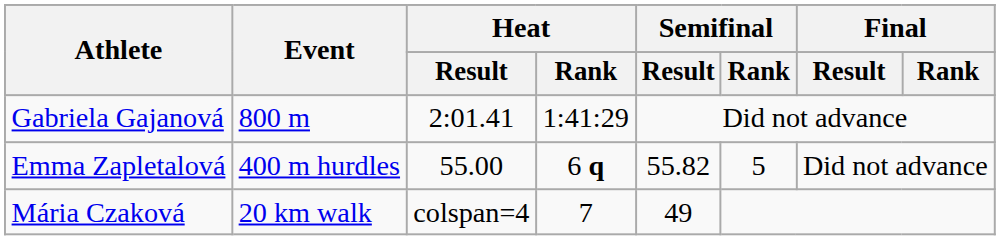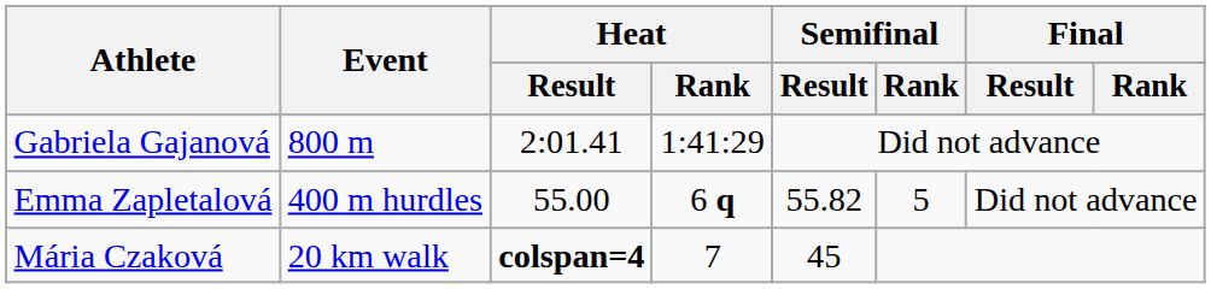 <table class="wikitable" style="font-size:90%">
 <tr>
 <th rowspan="2">Athlete</th>
 <th rowspan="2">Event</th>
 <th colspan="2">Heat</th>
 <th colspan="2">Semifinal</th>
 <th colspan="2">Final</th>
 </tr>
 <tr style="font-size:95%">
 <th>Result</th>
 <th>Rank</th>
 <th>Result</th>
 <th>Rank</th>
 <th>Result</th>
 <th>Rank</th>
 </tr>
 <tr align=center>
 <td align=left><a href='#'>Gabriela Gajanová</a></td>
 <td align=left><a href='#'>800 m</a></td>
 <td>2:01.41</td>
 <td>1:41:29</td>
 <td colspan="4">Did not advance</td>
 </tr>
 <tr align=center>
 <td align=left><a href='#'>Emma Zapletalová</a></td>
 <td align=left><a href='#'>400 m hurdles</a></td>
 <td>55.00</td>
 <td>6 <strong>q</strong></td>
 <td>55.82</td>
 <td>5</td>
 <td colspan="2">Did not advance</td>
 </tr>
 <tr align=center>
 <td align=left><a href='#'>Mária Czaková</a></td>
 <td align=left><a href='#'>20 km walk</a></td>
-<td>colspan=4 </td>
+<td><strong>colspan=4 </strong></td>
 <td>7</td>
-<td>49</td>
+<td>45</td>
 </tr>
 </table>
